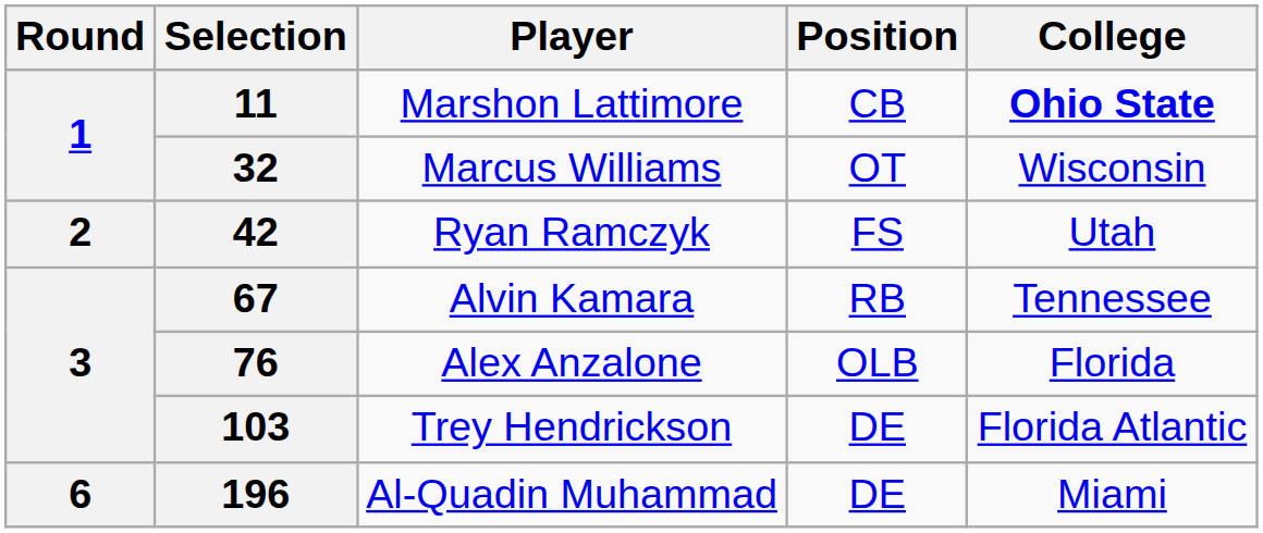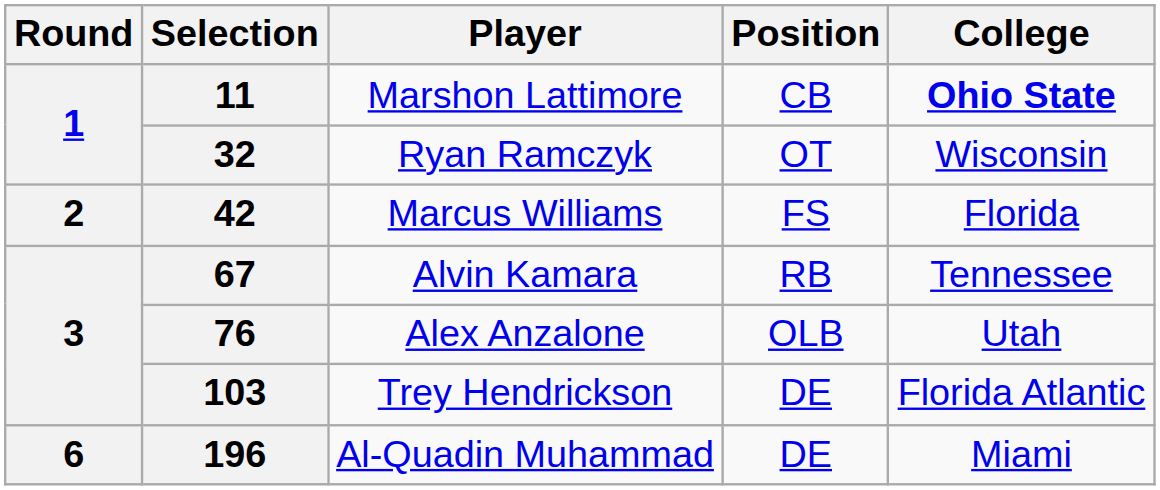 <table class="wikitable" style="text-align:center">
 <tr>
 <th>Round</th>
 <th>Selection</th>
 <th>Player</th>
 <th>Position</th>
 <th>College</th>
 </tr>
 <tr>
 <th rowspan="2"><a href='#'>1</a></th>
 <th>11</th>
 <td><a href='#'>Marshon Lattimore</a></td>
 <td><a href='#'>CB</a></td>
 <td><strong><a href='#'>Ohio State</a></strong></td>
 </tr>
 <tr>
 <th>32</th>
-<td><a href='#'>Marcus Williams</a></td>
+<td><a href='#'>Ryan Ramczyk</a></td>
 <td><a href='#'>OT</a></td>
 <td><a href='#'>Wisconsin</a></td>
 </tr>
 <tr>
 <th>2</th>
 <th>42</th>
-<td><a href='#'>Ryan Ramczyk</a></td>
+<td><a href='#'>Marcus Williams</a></td>
 <td><a href='#'>FS</a></td>
-<td><a href='#'>Utah</a></td>
+<td><a href='#'>Florida</a></td>
 </tr>
 <tr>
 <th rowspan="3">3</th>
 <th>67</th>
 <td><a href='#'>Alvin Kamara</a></td>
 <td><a href='#'>RB</a></td>
 <td><a href='#'>Tennessee</a></td>
 </tr>
 <tr>
 <th>76</th>
 <td><a href='#'>Alex Anzalone</a></td>
 <td><a href='#'>OLB</a></td>
-<td><a href='#'>Florida</a></td>
+<td><a href='#'>Utah</a></td>
 </tr>
 <tr>
 <th>103</th>
 <td><a href='#'>Trey Hendrickson</a></td>
 <td><a href='#'>DE</a></td>
 <td><a href='#'>Florida Atlantic</a></td>
 </tr>
 <tr>
 <th>6</th>
 <th>196</th>
 <td><a href='#'>Al-Quadin Muhammad</a></td>
 <td><a href='#'>DE</a></td>
 <td><a href='#'>Miami</a></td>
 </tr>
 </table>
